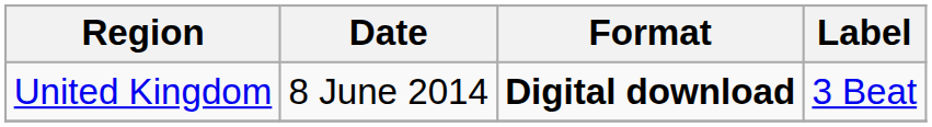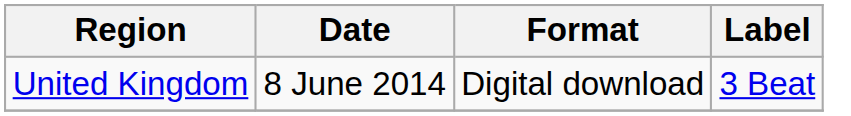 <table class=wikitable>
 <tr>
 <th>Region</th>
 <th>Date</th>
 <th>Format</th>
 <th>Label</th>
 </tr>
 <tr>
 <td><a href='#'>United Kingdom</a></td>
 <td>8 June 2014</td>
-<td><strong>Digital download</strong></td>
+<td>Digital download</td>
 <td><a href='#'>3 Beat</a></td>
 </tr>
 <tr>
 </tr>
 </table>
